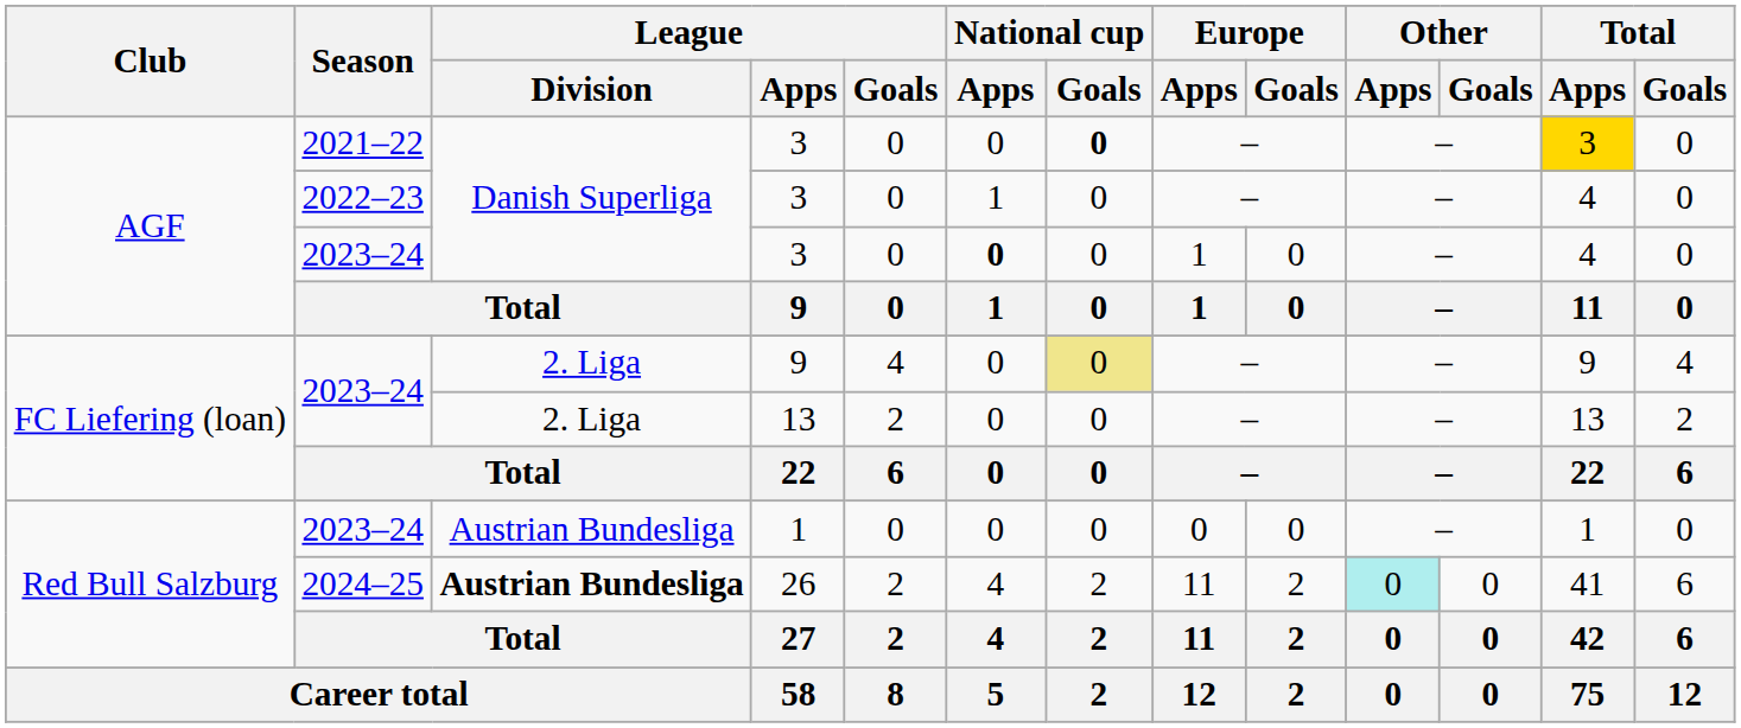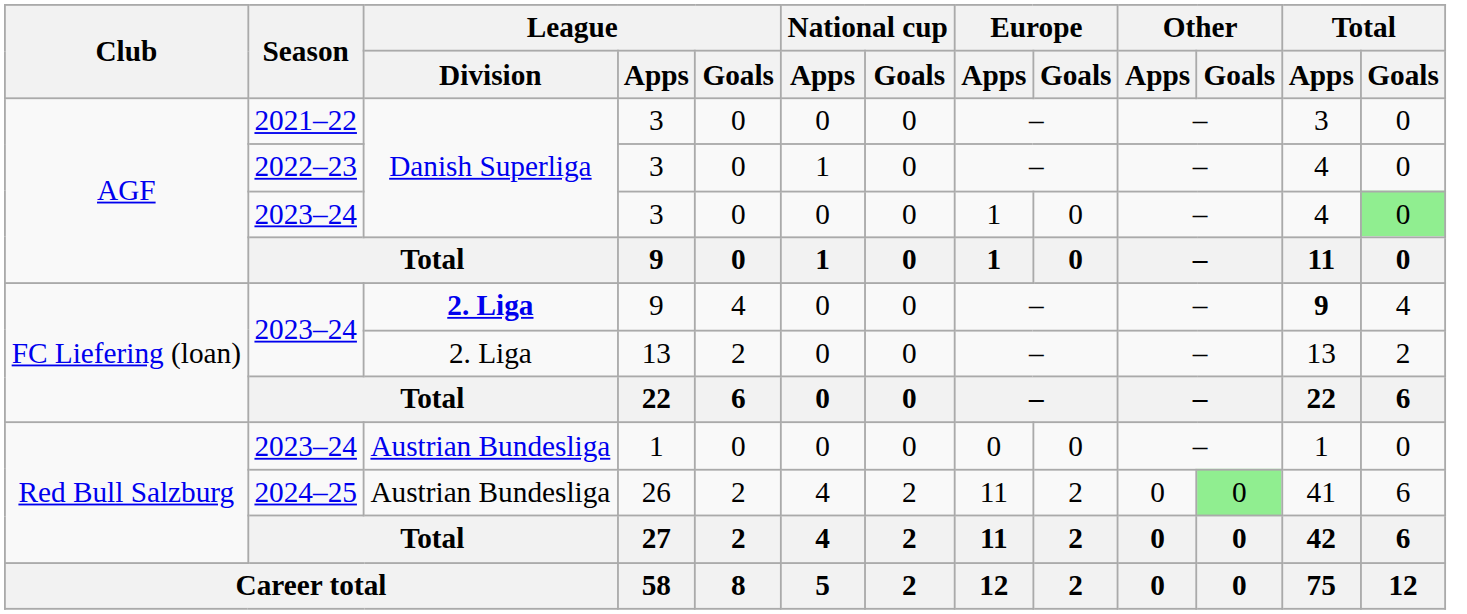 <table class="wikitable" style="text-align: center">
 <tr>
 <th rowspan="2">Club</th>
 <th rowspan="2">Season</th>
 <th colspan="3">League</th>
 <th colspan="2">National cup</th>
 <th colspan="2">Europe</th>
 <th colspan="2">Other</th>
 <th colspan="2">Total</th>
 </tr>
 <tr>
 <th>Division</th>
 <th>Apps</th>
 <th>Goals</th>
 <th>Apps</th>
 <th>Goals</th>
 <th>Apps</th>
 <th>Goals</th>
 <th>Apps</th>
 <th>Goals</th>
 <th>Apps</th>
 <th>Goals</th>
 </tr>
 <tr>
 <td rowspan="4"><a href='#'>AGF</a></td>
 <td><a href='#'>2021–22</a></td>
 <td rowspan="3"><a href='#'>Danish Superliga</a></td>
 <td>3</td>
 <td>0</td>
 <td>0</td>
-<td><strong>0</strong></td>
+<td>0</td>
 <td colspan="2">–</td>
 <td colspan="2">–</td>
-<td style="background: gold;">3</td>
+<td>3</td>
 <td>0</td>
 </tr>
 <tr>
 <td><a href='#'>2022–23</a></td>
 <td>3</td>
 <td>0</td>
 <td>1</td>
 <td>0</td>
 <td colspan="2">–</td>
 <td colspan="2">–</td>
 <td>4</td>
 <td>0</td>
 </tr>
 <tr>
 <td><a href='#'>2023–24</a></td>
 <td>3</td>
 <td>0</td>
-<td><strong>0</strong></td>
+<td>0</td>
 <td>0</td>
 <td>1</td>
 <td>0</td>
 <td colspan="2">–</td>
 <td>4</td>
-<td>0</td>
+<td style="background: lightgreen;">0</td>
 </tr>
 <tr>
 <th colspan=2>Total</th>
 <th>9</th>
 <th>0</th>
 <th>1</th>
 <th>0</th>
 <th>1</th>
 <th>0</th>
 <th colspan="2">–</th>
 <th>11</th>
 <th>0</th>
 </tr>
 <tr>
 <td rowspan="3"><a href='#'>FC Liefering</a> (loan)</td>
 <td rowspan="2"><a href='#'>2023–24</a></td>
-<td><a href='#'>2. Liga</a></td>
+<td><strong><a href='#'>2. Liga</a></strong></td>
 <td>9</td>
 <td>4</td>
 <td>0</td>
-<td style="background: khaki;">0</td>
+<td>0</td>
 <td colspan="2">–</td>
 <td colspan="2">–</td>
-<td>9</td>
+<td><strong>9</strong></td>
 <td>4</td>
 </tr>
 <tr>
 <td>2. Liga</td>
 <td>13</td>
 <td>2</td>
 <td>0</td>
 <td>0</td>
 <td colspan="2">–</td>
 <td colspan="2">–</td>
 <td>13</td>
 <td>2</td>
 </tr>
 <tr>
 <th colspan="2">Total</th>
 <th>22</th>
 <th>6</th>
 <th>0</th>
 <th>0</th>
 <th colspan="2">–</th>
 <th colspan="2">–</th>
 <th>22</th>
 <th>6</th>
 </tr>
 <tr>
 <td rowspan="3"><a href='#'>Red Bull Salzburg</a></td>
 <td><a href='#'>2023–24</a></td>
 <td><a href='#'>Austrian Bundesliga</a></td>
 <td>1</td>
 <td>0</td>
 <td>0</td>
 <td>0</td>
 <td>0</td>
 <td>0</td>
 <td colspan="2">–</td>
 <td>1</td>
 <td>0</td>
 </tr>
 <tr>
 <td><a href='#'>2024–25</a></td>
-<td><strong>Austrian Bundesliga</strong></td>
+<td>Austrian Bundesliga</td>
 <td>26</td>
 <td>2</td>
 <td>4</td>
 <td>2</td>
 <td>11</td>
 <td>2</td>
-<td style="background: paleturquoise;">0</td>
 <td>0</td>
+<td style="background: lightgreen;">0</td>
 <td>41</td>
 <td>6</td>
 </tr>
 <tr>
 <th colspan="2">Total</th>
 <th>27</th>
 <th>2</th>
 <th>4</th>
 <th>2</th>
 <th>11</th>
 <th>2</th>
 <th>0</th>
 <th>0</th>
 <th>42</th>
 <th>6</th>
 </tr>
 <tr>
 <th colspan=3>Career total</th>
 <th>58</th>
 <th>8</th>
 <th>5</th>
 <th>2</th>
 <th>12</th>
 <th>2</th>
 <th>0</th>
 <th>0</th>
 <th>75</th>
 <th>12</th>
 </tr>
 </table>
